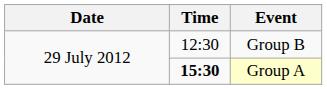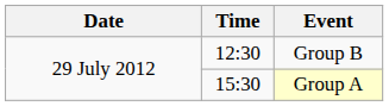 <table class = "wikitable" style="text-align:center;">
 <tr>
 <th width=150>Date</th>
 <th width=50>Time</th>
 <th width=80>Event</th>
 </tr>
 <tr>
 <td rowspan=2>29 July 2012</td>
 <td>12:30</td>
 <td>Group B</td>
 </tr>
 <tr>
-<td><strong>15:30</strong></td>
+<td>15:30</td>
 <td bgcolor=ffffcc>Group A</td>
 </tr>
 </table>
